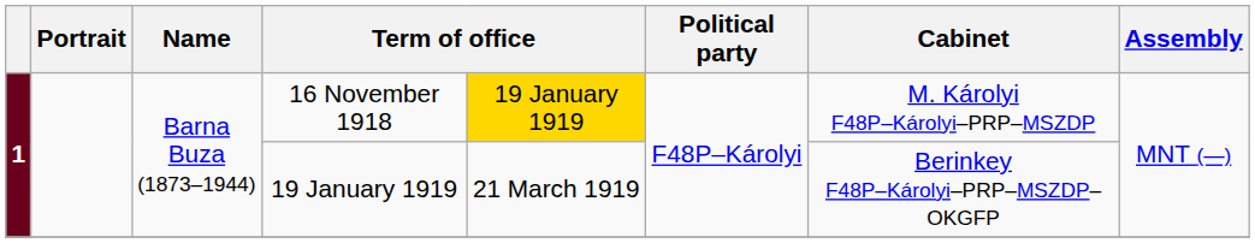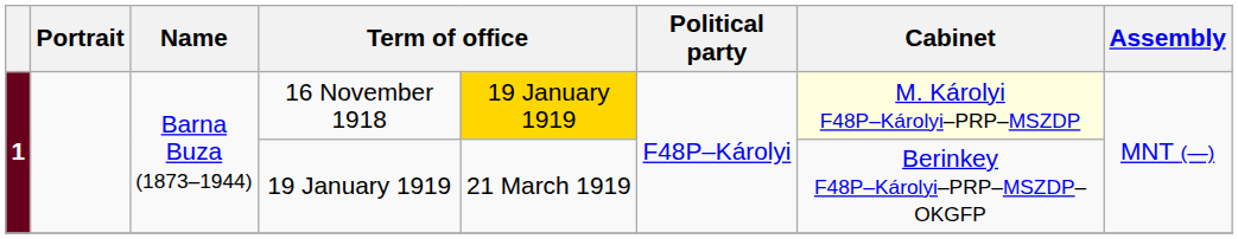 <table class="wikitable" style="width:90%; text-align:center;">
 <tr>
 <th></th>
 <th>Portrait</th>
 <th>Name<br></th>
 <th colspan=2>Term of office</th>
 <th>Political party</th>
 <th>Cabinet</th>
 <th><a href='#'>Assembly</a><br></th>
 </tr>
 <tr>
 <th rowspan="2" style="background-color:#68001D; color:white">1</th>
 <td rowspan="2"></td>
 <td rowspan="2"><a href='#'>Barna Buza</a><br><small>(1873–1944)</small></td>
 <td>16 November 1918</td>
 <td style="background: gold;">19 January 1919</td>
 <td rowspan="2"><a href='#'>F48P–Károlyi</a></td>
-<td><a href='#'>M. Károlyi</a><br><small><a href='#'>F48P–Károlyi</a>–PRP–<a href='#'>MSZDP</a></small></td>
+<td style="background: lightyellow;"><a href='#'>M. Károlyi</a><br><small><a href='#'>F48P–Károlyi</a>–PRP–<a href='#'>MSZDP</a></small></td>
 <td rowspan="2"><a href='#'>MNT <small>(—)</small></a></td>
 </tr>
 <tr>
 <td>19 January 1919</td>
 <td>21 March 1919</td>
 <td><a href='#'>Berinkey</a><br><small><a href='#'>F48P–Károlyi</a>–PRP–<a href='#'>MSZDP</a>–OKGFP</small></td>
 </tr>
 <tr>
 </tr>
 </table>
